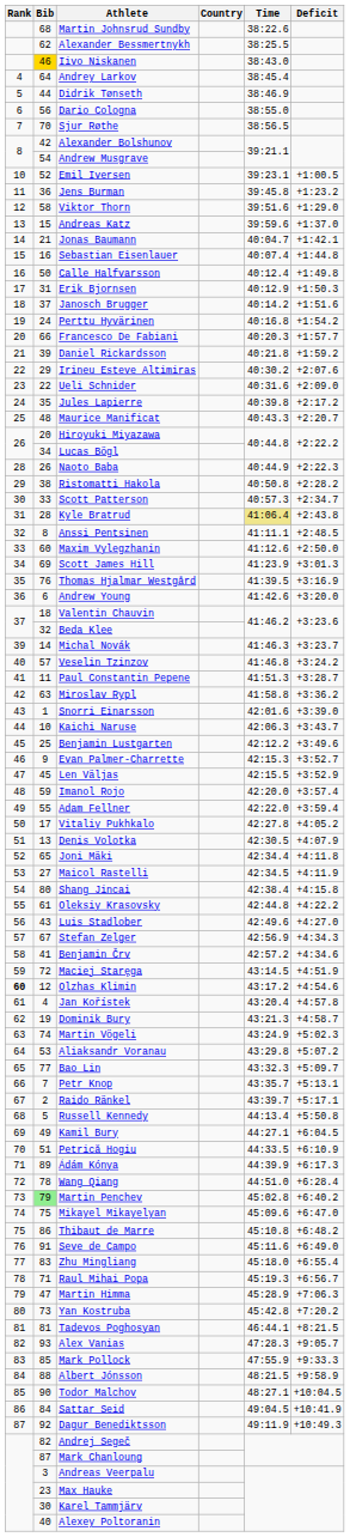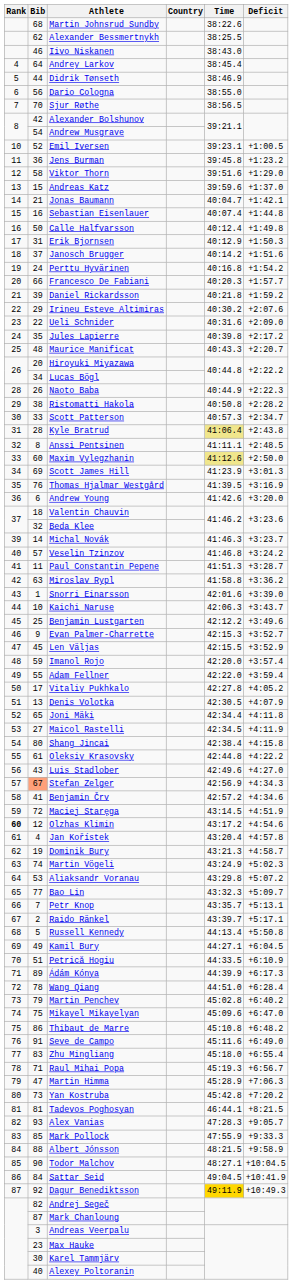 <table class="wikitable sortable" style="text-align:center">
 <tr>
 <th>Rank</th>
 <th>Bib</th>
 <th>Athlete</th>
 <th>Country</th>
 <th>Time</th>
 <th>Deficit</th>
 </tr>
 <tr>
 <td></td>
 <td>68</td>
 <td align=left><a href='#'>Martin Johnsrud Sundby</a></td>
 <td align=left></td>
 <td>38:22.6</td>
 <td></td>
 </tr>
 <tr>
 <td></td>
 <td>62</td>
 <td align=left><a href='#'>Alexander Bessmertnykh</a></td>
 <td align=left></td>
 <td>38:25.5</td>
 <td></td>
 </tr>
 <tr>
 <td></td>
-<td style="background: gold;">46</td>
+<td>46</td>
 <td align=left><a href='#'>Iivo Niskanen</a></td>
 <td align=left></td>
 <td>38:43.0</td>
 <td></td>
 </tr>
 <tr>
 <td>4</td>
 <td>64</td>
 <td align=left><a href='#'>Andrey Larkov</a></td>
 <td align=left></td>
 <td>38:45.4</td>
 <td></td>
 </tr>
 <tr>
 <td>5</td>
 <td>44</td>
 <td align=left><a href='#'>Didrik Tønseth</a></td>
 <td align=left></td>
 <td>38:46.9</td>
 <td></td>
 </tr>
 <tr>
 <td>6</td>
 <td>56</td>
 <td align=left><a href='#'>Dario Cologna</a></td>
 <td align=left></td>
 <td>38:55.0</td>
 <td></td>
 </tr>
 <tr>
 <td>7</td>
 <td>70</td>
 <td align=left><a href='#'>Sjur Røthe</a></td>
 <td align=left></td>
 <td>38:56.5</td>
 <td></td>
 </tr>
 <tr>
 <td rowspan=2>8</td>
 <td>42</td>
 <td align=left><a href='#'>Alexander Bolshunov</a></td>
 <td align=left></td>
 <td rowspan=2>39:21.1</td>
 <td rowspan=2></td>
 </tr>
 <tr>
 <td>54</td>
 <td align=left><a href='#'>Andrew Musgrave</a></td>
 <td align=left></td>
 </tr>
 <tr>
 <td>10</td>
 <td>52</td>
 <td align=left><a href='#'>Emil Iversen</a></td>
 <td align=left></td>
 <td>39:23.1</td>
 <td>+1:00.5</td>
 </tr>
 <tr>
 <td>11</td>
 <td>36</td>
 <td align=left><a href='#'>Jens Burman</a></td>
 <td align=left></td>
 <td>39:45.8</td>
 <td>+1:23.2</td>
 </tr>
 <tr>
 <td>12</td>
 <td>58</td>
 <td align=left><a href='#'>Viktor Thorn</a></td>
 <td align=left></td>
 <td>39:51.6</td>
 <td>+1:29.0</td>
 </tr>
 <tr>
 <td>13</td>
 <td>15</td>
 <td align=left><a href='#'>Andreas Katz</a></td>
 <td align=left></td>
 <td>39:59.6</td>
 <td>+1:37.0</td>
 </tr>
 <tr>
 <td>14</td>
 <td>21</td>
 <td align=left><a href='#'>Jonas Baumann</a></td>
 <td align=left></td>
 <td>40:04.7</td>
 <td>+1:42.1</td>
 </tr>
 <tr>
 <td>15</td>
 <td>16</td>
 <td align=left><a href='#'>Sebastian Eisenlauer</a></td>
 <td align=left></td>
 <td>40:07.4</td>
 <td>+1:44.8</td>
 </tr>
 <tr>
 <td>16</td>
 <td>50</td>
 <td align=left><a href='#'>Calle Halfvarsson</a></td>
 <td align=left></td>
 <td>40:12.4</td>
 <td>+1:49.8</td>
 </tr>
 <tr>
 <td>17</td>
 <td>31</td>
 <td align=left><a href='#'>Erik Bjornsen</a></td>
 <td align=left></td>
 <td>40:12.9</td>
 <td>+1:50.3</td>
 </tr>
 <tr>
 <td>18</td>
 <td>37</td>
 <td align=left><a href='#'>Janosch Brugger</a></td>
 <td align=left></td>
 <td>40:14.2</td>
 <td>+1:51.6</td>
 </tr>
 <tr>
 <td>19</td>
 <td>24</td>
 <td align=left><a href='#'>Perttu Hyvärinen</a></td>
 <td align=left></td>
 <td>40:16.8</td>
 <td>+1:54.2</td>
 </tr>
 <tr>
 <td>20</td>
 <td>66</td>
 <td align=left><a href='#'>Francesco De Fabiani</a></td>
 <td align=left></td>
 <td>40:20.3</td>
 <td>+1:57.7</td>
 </tr>
 <tr>
 <td>21</td>
 <td>39</td>
 <td align=left><a href='#'>Daniel Rickardsson</a></td>
 <td align=left></td>
 <td>40:21.8</td>
 <td>+1:59.2</td>
 </tr>
 <tr>
 <td>22</td>
 <td>29</td>
 <td align=left><a href='#'>Irineu Esteve Altimiras</a></td>
 <td align=left></td>
 <td>40:30.2</td>
 <td>+2:07.6</td>
 </tr>
 <tr>
 <td>23</td>
 <td>22</td>
 <td align=left><a href='#'>Ueli Schnider</a></td>
 <td align=left></td>
 <td>40:31.6</td>
 <td>+2:09.0</td>
 </tr>
 <tr>
 <td>24</td>
 <td>35</td>
 <td align=left><a href='#'>Jules Lapierre</a></td>
 <td align=left></td>
 <td>40:39.8</td>
 <td>+2:17.2</td>
 </tr>
 <tr>
 <td>25</td>
 <td>48</td>
 <td align=left><a href='#'>Maurice Manificat</a></td>
 <td align=left></td>
 <td>40:43.3</td>
 <td>+2:20.7</td>
 </tr>
 <tr>
 <td rowspan=2>26</td>
 <td>20</td>
 <td align=left><a href='#'>Hiroyuki Miyazawa</a></td>
 <td align=left></td>
 <td rowspan=2>40:44.8</td>
 <td rowspan=2>+2:22.2</td>
 </tr>
 <tr>
 <td>34</td>
 <td align=left><a href='#'>Lucas Bögl</a></td>
 <td align=left></td>
 </tr>
 <tr>
 <td>28</td>
 <td>26</td>
 <td align=left><a href='#'>Naoto Baba</a></td>
 <td align=left></td>
 <td>40:44.9</td>
 <td>+2:22.3</td>
 </tr>
 <tr>
 <td>29</td>
 <td>38</td>
 <td align=left><a href='#'>Ristomatti Hakola</a></td>
 <td align=left></td>
 <td>40:50.8</td>
 <td>+2:28.2</td>
 </tr>
 <tr>
 <td>30</td>
 <td>33</td>
 <td align=left><a href='#'>Scott Patterson</a></td>
 <td align=left></td>
 <td>40:57.3</td>
 <td>+2:34.7</td>
 </tr>
 <tr>
 <td>31</td>
 <td>28</td>
 <td align=left><a href='#'>Kyle Bratrud</a></td>
 <td align=left></td>
 <td style="background: khaki;">41:06.4</td>
 <td>+2:43.8</td>
 </tr>
 <tr>
 <td>32</td>
 <td>8</td>
 <td align=left><a href='#'>Anssi Pentsinen</a></td>
 <td align=left></td>
 <td>41:11.1</td>
 <td>+2:48.5</td>
 </tr>
 <tr>
 <td>33</td>
 <td>60</td>
 <td align=left><a href='#'>Maxim Vylegzhanin</a></td>
 <td align=left></td>
-<td>41:12.6</td>
+<td style="background: khaki;">41:12.6</td>
 <td>+2:50.0</td>
 </tr>
 <tr>
 <td>34</td>
 <td>69</td>
 <td align=left><a href='#'>Scott James Hill</a></td>
 <td align=left></td>
 <td>41:23.9</td>
 <td>+3:01.3</td>
 </tr>
 <tr>
 <td>35</td>
 <td>76</td>
 <td align=left><a href='#'>Thomas Hjalmar Westgård</a></td>
 <td align=left></td>
 <td>41:39.5</td>
 <td>+3:16.9</td>
 </tr>
 <tr>
 <td>36</td>
 <td>6</td>
 <td align=left><a href='#'>Andrew Young</a></td>
 <td align=left></td>
 <td>41:42.6</td>
 <td>+3:20.0</td>
 </tr>
 <tr>
 <td rowspan=2>37</td>
 <td>18</td>
 <td align=left><a href='#'>Valentin Chauvin</a></td>
 <td align=left></td>
 <td rowspan=2>41:46.2</td>
 <td rowspan=2>+3:23.6</td>
 </tr>
 <tr>
 <td>32</td>
 <td align=left><a href='#'>Beda Klee</a></td>
 <td align=left></td>
 </tr>
 <tr>
 <td>39</td>
 <td>14</td>
 <td align=left><a href='#'>Michal Novák</a></td>
 <td align=left></td>
 <td>41:46.3</td>
 <td>+3:23.7</td>
 </tr>
 <tr>
 <td>40</td>
 <td>57</td>
 <td align=left><a href='#'>Veselin Tzinzov</a></td>
 <td align=left></td>
 <td>41:46.8</td>
 <td>+3:24.2</td>
 </tr>
 <tr>
 <td>41</td>
 <td>11</td>
 <td align=left><a href='#'>Paul Constantin Pepene</a></td>
 <td align=left></td>
 <td>41:51.3</td>
 <td>+3:28.7</td>
 </tr>
 <tr>
 <td>42</td>
 <td>63</td>
 <td align=left><a href='#'>Miroslav Rypl</a></td>
 <td align=left></td>
 <td>41:58.8</td>
 <td>+3:36.2</td>
 </tr>
 <tr>
 <td>43</td>
 <td>1</td>
 <td align=left><a href='#'>Snorri Einarsson</a></td>
 <td align=left></td>
 <td>42:01.6</td>
 <td>+3:39.0</td>
 </tr>
 <tr>
 <td>44</td>
 <td>10</td>
 <td align=left><a href='#'>Kaichi Naruse</a></td>
 <td align=left></td>
 <td>42:06.3</td>
 <td>+3:43.7</td>
 </tr>
 <tr>
 <td>45</td>
 <td>25</td>
 <td align=left><a href='#'>Benjamin Lustgarten</a></td>
 <td align=left></td>
 <td>42:12.2</td>
 <td>+3:49.6</td>
 </tr>
 <tr>
 <td>46</td>
 <td>9</td>
 <td align=left><a href='#'>Evan Palmer-Charrette</a></td>
 <td align=left></td>
 <td>42:15.3</td>
 <td>+3:52.7</td>
 </tr>
 <tr>
 <td>47</td>
 <td>45</td>
 <td align=left><a href='#'>Len Väljas</a></td>
 <td align=left></td>
 <td>42:15.5</td>
 <td>+3:52.9</td>
 </tr>
 <tr>
 <td>48</td>
 <td>59</td>
 <td align=left><a href='#'>Imanol Rojo</a></td>
 <td align=left></td>
 <td>42:20.0</td>
 <td>+3:57.4</td>
 </tr>
 <tr>
 <td>49</td>
 <td>55</td>
 <td align=left><a href='#'>Adam Fellner</a></td>
 <td align=left></td>
 <td>42:22.0</td>
 <td>+3:59.4</td>
 </tr>
 <tr>
 <td>50</td>
 <td>17</td>
 <td align=left><a href='#'>Vitaliy Pukhkalo</a></td>
 <td align=left></td>
 <td>42:27.8</td>
 <td>+4:05.2</td>
 </tr>
 <tr>
 <td>51</td>
 <td>13</td>
 <td align=left><a href='#'>Denis Volotka</a></td>
 <td align=left></td>
 <td>42:30.5</td>
 <td>+4:07.9</td>
 </tr>
 <tr>
 <td>52</td>
 <td>65</td>
 <td align=left><a href='#'>Joni Mäki</a></td>
 <td align=left></td>
 <td>42:34.4</td>
 <td>+4:11.8</td>
 </tr>
 <tr>
 <td>53</td>
 <td>27</td>
 <td align=left><a href='#'>Maicol Rastelli</a></td>
 <td align=left></td>
 <td>42:34.5</td>
 <td>+4:11.9</td>
 </tr>
 <tr>
 <td>54</td>
 <td>80</td>
 <td align=left><a href='#'>Shang Jincai</a></td>
 <td align=left></td>
 <td>42:38.4</td>
 <td>+4:15.8</td>
 </tr>
 <tr>
 <td>55</td>
 <td>61</td>
 <td align=left><a href='#'>Oleksiy Krasovsky</a></td>
 <td align=left></td>
 <td>42:44.8</td>
 <td>+4:22.2</td>
 </tr>
 <tr>
 <td>56</td>
 <td>43</td>
 <td align=left><a href='#'>Luis Stadlober</a></td>
 <td align=left></td>
 <td>42:49.6</td>
 <td>+4:27.0</td>
 </tr>
 <tr>
 <td>57</td>
-<td>67</td>
+<td style="background: lightsalmon;">67</td>
 <td align=left><a href='#'>Stefan Zelger</a></td>
 <td align=left></td>
 <td>42:56.9</td>
 <td>+4:34.3</td>
 </tr>
 <tr>
 <td>58</td>
 <td>41</td>
 <td align=left><a href='#'>Benjamin Črv</a></td>
 <td align=left></td>
 <td>42:57.2</td>
 <td>+4:34.6</td>
 </tr>
 <tr>
 <td>59</td>
 <td>72</td>
 <td align=left><a href='#'>Maciej Staręga</a></td>
 <td align=left></td>
 <td>43:14.5</td>
 <td>+4:51.9</td>
 </tr>
 <tr>
 <td><strong>60</strong></td>
 <td>12</td>
 <td align=left><a href='#'>Olzhas Klimin</a></td>
 <td align=left></td>
 <td>43:17.2</td>
 <td>+4:54.6</td>
 </tr>
 <tr>
 <td>61</td>
 <td>4</td>
 <td align=left><a href='#'>Jan Kořístek</a></td>
 <td align=left></td>
 <td>43:20.4</td>
 <td>+4:57.8</td>
 </tr>
 <tr>
 <td>62</td>
 <td>19</td>
 <td align=left><a href='#'>Dominik Bury</a></td>
 <td align=left></td>
 <td>43:21.3</td>
 <td>+4:58.7</td>
 </tr>
 <tr>
 <td>63</td>
 <td>74</td>
 <td align=left><a href='#'>Martin Vögeli</a></td>
 <td align=left></td>
 <td>43:24.9</td>
 <td>+5:02.3</td>
 </tr>
 <tr>
 <td>64</td>
 <td>53</td>
 <td align=left><a href='#'>Aliaksandr Voranau</a></td>
 <td align=left></td>
 <td>43:29.8</td>
 <td>+5:07.2</td>
 </tr>
 <tr>
 <td>65</td>
 <td>77</td>
 <td align=left><a href='#'>Bao Lin</a></td>
 <td align=left></td>
 <td>43:32.3</td>
 <td>+5:09.7</td>
 </tr>
 <tr>
 <td>66</td>
 <td>7</td>
 <td align=left><a href='#'>Petr Knop</a></td>
 <td align=left></td>
 <td>43:35.7</td>
 <td>+5:13.1</td>
 </tr>
 <tr>
 <td>67</td>
 <td>2</td>
 <td align=left><a href='#'>Raido Ränkel</a></td>
 <td align=left></td>
 <td>43:39.7</td>
 <td>+5:17.1</td>
 </tr>
 <tr>
 <td>68</td>
 <td>5</td>
 <td align=left><a href='#'>Russell Kennedy</a></td>
 <td align=left></td>
 <td>44:13.4</td>
 <td>+5:50.8</td>
 </tr>
 <tr>
 <td>69</td>
 <td>49</td>
 <td align=left><a href='#'>Kamil Bury</a></td>
 <td align=left></td>
 <td>44:27.1</td>
 <td>+6:04.5</td>
 </tr>
 <tr>
 <td>70</td>
 <td>51</td>
 <td align=left><a href='#'>Petrică Hogiu</a></td>
 <td align=left></td>
 <td>44:33.5</td>
 <td>+6:10.9</td>
 </tr>
 <tr>
 <td>71</td>
 <td>89</td>
 <td align=left><a href='#'>Ádám Kónya</a></td>
 <td align=left></td>
 <td>44:39.9</td>
 <td>+6:17.3</td>
 </tr>
 <tr>
 <td>72</td>
 <td>78</td>
 <td align=left><a href='#'>Wang Qiang</a></td>
 <td align=left></td>
 <td>44:51.0</td>
 <td>+6:28.4</td>
 </tr>
 <tr>
 <td>73</td>
-<td style="background: lightgreen;">79</td>
+<td>79</td>
 <td align=left><a href='#'>Martin Penchev</a></td>
 <td align=left></td>
 <td>45:02.8</td>
 <td>+6:40.2</td>
 </tr>
 <tr>
 <td>74</td>
 <td>75</td>
 <td align=left><a href='#'>Mikayel Mikayelyan</a></td>
 <td align=left></td>
 <td>45:09.6</td>
 <td>+6:47.0</td>
 </tr>
 <tr>
 <td>75</td>
 <td>86</td>
 <td align=left><a href='#'>Thibaut de Marre</a></td>
 <td align=left></td>
 <td>45:10.8</td>
 <td>+6:48.2</td>
 </tr>
 <tr>
 <td>76</td>
 <td>91</td>
 <td align=left><a href='#'>Seve de Campo</a></td>
 <td align=left></td>
 <td>45:11.6</td>
 <td>+6:49.0</td>
 </tr>
 <tr>
 <td>77</td>
 <td>83</td>
 <td align=left><a href='#'>Zhu Mingliang</a></td>
 <td align=left></td>
 <td>45:18.0</td>
 <td>+6:55.4</td>
 </tr>
 <tr>
 <td>78</td>
 <td>71</td>
 <td align=left><a href='#'>Raul Mihai Popa</a></td>
 <td align=left></td>
 <td>45:19.3</td>
 <td>+6:56.7</td>
 </tr>
 <tr>
 <td>79</td>
 <td>47</td>
 <td align=left><a href='#'>Martin Himma</a></td>
 <td align=left></td>
 <td>45:28.9</td>
 <td>+7:06.3</td>
 </tr>
 <tr>
 <td>80</td>
 <td>73</td>
 <td align=left><a href='#'>Yan Kostruba</a></td>
 <td align=left></td>
 <td>45:42.8</td>
 <td>+7:20.2</td>
 </tr>
 <tr>
 <td>81</td>
 <td>81</td>
 <td align=left><a href='#'>Tadevos Poghosyan</a></td>
 <td align=left></td>
 <td>46:44.1</td>
 <td>+8:21.5</td>
 </tr>
 <tr>
 <td>82</td>
 <td>93</td>
 <td align=left><a href='#'>Alex Vanias</a></td>
 <td align=left></td>
 <td>47:28.3</td>
 <td>+9:05.7</td>
 </tr>
 <tr>
 <td>83</td>
 <td>85</td>
 <td align=left><a href='#'>Mark Pollock</a></td>
 <td align=left></td>
 <td>47:55.9</td>
 <td>+9:33.3</td>
 </tr>
 <tr>
 <td>84</td>
 <td>88</td>
 <td align=left><a href='#'>Albert Jónsson</a></td>
 <td align=left></td>
 <td>48:21.5</td>
 <td>+9:58.9</td>
 </tr>
 <tr>
 <td>85</td>
 <td>90</td>
 <td align=left><a href='#'>Todor Malchov</a></td>
 <td align=left></td>
 <td>48:27.1</td>
 <td>+10:04.5</td>
 </tr>
 <tr>
 <td>86</td>
 <td>84</td>
 <td align=left><a href='#'>Sattar Seid</a></td>
 <td align=left></td>
 <td>49:04.5</td>
 <td>+10:41.9</td>
 </tr>
 <tr>
 <td>87</td>
 <td>92</td>
 <td align=left><a href='#'>Dagur Benediktsson</a></td>
 <td align=left></td>
-<td>49:11.9</td>
+<td style="background: gold;">49:11.9</td>
 <td>+10:49.3</td>
 </tr>
 <tr>
 <td rowspan=6></td>
 <td>82</td>
 <td align=left><a href='#'>Andrej Segeč</a></td>
 <td align=left></td>
 <td colspan=2 rowspan=2></td>
 </tr>
 <tr>
 <td>87</td>
 <td align=left><a href='#'>Mark Chanloung</a></td>
 <td align=left></td>
 </tr>
 <tr>
 <td>3</td>
 <td align=left><a href='#'>Andreas Veerpalu</a></td>
 <td align=left></td>
 <td colspan=2 rowspan=4></td>
 </tr>
 <tr>
 <td>23</td>
 <td align=left><a href='#'>Max Hauke</a></td>
 <td align=left></td>
 </tr>
 <tr>
 <td>30</td>
 <td align=left><a href='#'>Karel Tammjärv</a></td>
 <td align=left></td>
 </tr>
 <tr>
 <td>40</td>
 <td align=left><a href='#'>Alexey Poltoranin</a></td>
 <td align=left></td>
 </tr>
 </table>
